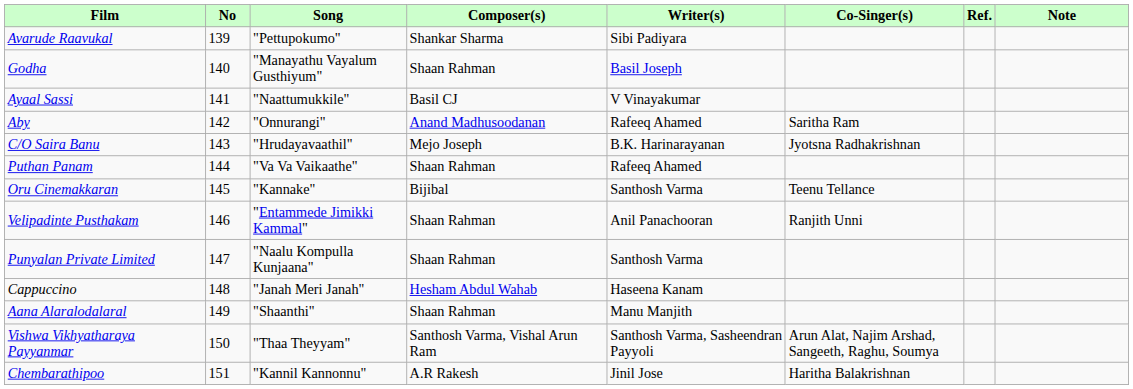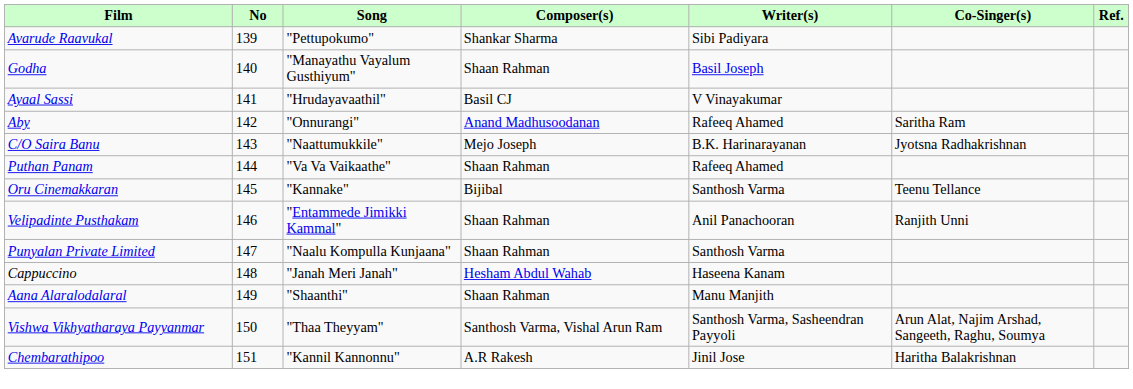 <table class="wikitable plainrowheaders" style="width:100%;" textcolor:#000;" style="align:center;">
 <tr style="background:#cfc; text-align:center;">
 <td scope="col" style="width:18%;"><strong>Film</strong></td>
 <td scope="col" style="width:4%;"><strong>No</strong></td>
 <td scope="col" style="width:14%;"><strong>Song</strong></td>
 <td scope="col" style="width:18%;"><strong>Composer(s)</strong></td>
 <td scope="col" style="width:16%;"><strong>Writer(s)</strong></td>
 <td scope="col" style="width:16%;"><strong>Co-Singer(s)</strong></td>
 <td scope="col" style="width:2%;"><strong>Ref.</strong></td>
-<td scope="col" style="width:12%;"><strong>Note</strong></td>
 </tr>
 <tr>
 <td><em><a href='#'>Avarude Raavukal</a></em></td>
 <td>139</td>
 <td>"Pettupokumo"</td>
 <td>Shankar Sharma</td>
 <td>Sibi Padiyara</td>
-<td></td>
 <td></td>
 <td></td>
 </tr>
 <tr>
 <td><em><a href='#'>Godha</a></em></td>
 <td>140</td>
 <td>"Manayathu Vayalum Gusthiyum"</td>
 <td>Shaan Rahman</td>
 <td><a href='#'>Basil Joseph</a></td>
 <td></td>
 <td></td>
-<td></td>
 </tr>
 <tr>
 <td><em><a href='#'>Ayaal Sassi</a></em></td>
 <td>141</td>
-<td>"Naattumukkile"</td>
+<td>"Hrudayavaathil"</td>
 <td>Basil CJ</td>
 <td>V Vinayakumar</td>
-<td></td>
 <td></td>
 <td></td>
 </tr>
 <tr>
 <td><em><a href='#'>Aby</a></em></td>
 <td>142</td>
 <td>"Onnurangi"</td>
 <td><a href='#'>Anand Madhusoodanan</a></td>
 <td>Rafeeq Ahamed</td>
 <td>Saritha Ram</td>
 <td></td>
-<td></td>
 </tr>
 <tr>
 <td><em><a href='#'>C/O Saira Banu</a></em></td>
 <td>143</td>
-<td>"Hrudayavaathil"</td>
+<td>"Naattumukkile"</td>
 <td>Mejo Joseph</td>
 <td>B.K. Harinarayanan</td>
 <td>Jyotsna Radhakrishnan</td>
-<td></td>
 <td></td>
 </tr>
 <tr>
 <td><em><a href='#'>Puthan Panam</a></em></td>
 <td>144</td>
 <td>"Va Va Vaikaathe"</td>
 <td>Shaan Rahman</td>
 <td>Rafeeq Ahamed</td>
-<td></td>
 <td></td>
 <td></td>
 </tr>
 <tr>
 <td><em><a href='#'>Oru Cinemakkaran</a></em></td>
 <td>145</td>
 <td>"Kannake"</td>
 <td>Bijibal</td>
 <td>Santhosh Varma</td>
 <td>Teenu Tellance</td>
 <td></td>
-<td></td>
 </tr>
 <tr>
 <td><em><a href='#'>Velipadinte Pusthakam</a></em></td>
 <td>146</td>
 <td>"<a href='#'>Entammede Jimikki Kammal</a>"</td>
 <td>Shaan Rahman</td>
 <td>Anil Panachooran</td>
 <td>Ranjith Unni</td>
 <td></td>
-<td></td>
 </tr>
 <tr>
 <td><em><a href='#'>Punyalan Private Limited</a></em></td>
 <td>147</td>
 <td>"Naalu Kompulla Kunjaana"</td>
 <td>Shaan Rahman</td>
 <td>Santhosh Varma</td>
-<td></td>
 <td></td>
 <td></td>
 </tr>
 <tr>
 <td><em>Cappuccino</em></td>
 <td>148</td>
 <td>"Janah Meri Janah"</td>
 <td><a href='#'>Hesham Abdul Wahab</a></td>
 <td>Haseena Kanam</td>
 <td></td>
 <td></td>
-<td></td>
 </tr>
 <tr>
 <td><em><a href='#'>Aana Alaralodalaral</a></em></td>
 <td>149</td>
 <td>"Shaanthi"</td>
 <td>Shaan Rahman</td>
 <td>Manu Manjith</td>
-<td></td>
 <td></td>
 <td></td>
 </tr>
 <tr>
 <td><em><a href='#'>Vishwa Vikhyatharaya Payyanmar</a></em></td>
 <td>150</td>
 <td>"Thaa Theyyam"</td>
 <td>Santhosh Varma, Vishal Arun Ram</td>
 <td>Santhosh Varma, Sasheendran Payyoli</td>
 <td>Arun Alat, Najim Arshad, Sangeeth, Raghu, Soumya</td>
 <td></td>
-<td></td>
 </tr>
 <tr>
 <td><em><a href='#'>Chembarathipoo</a></em></td>
 <td>151</td>
 <td>"Kannil Kannonnu"</td>
 <td>A.R Rakesh</td>
 <td>Jinil Jose</td>
 <td>Haritha Balakrishnan</td>
 <td></td>
-<td></td>
 </tr>
 </table>
